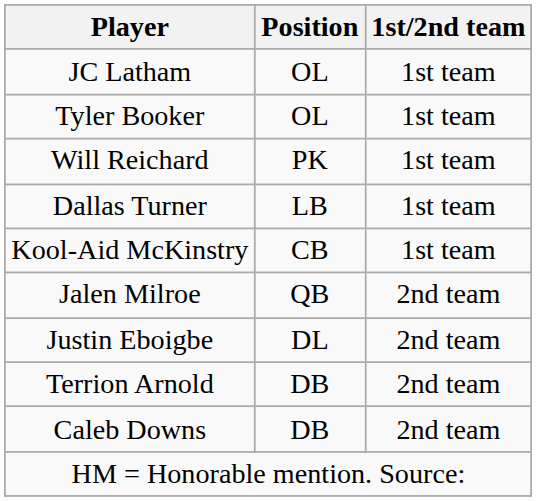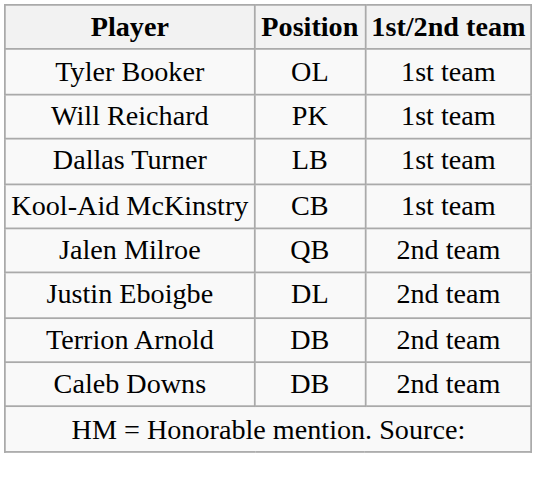 <table class="wikitable" style="text-align: center">
 <tr align=center>
 <th>Player</th>
 <th>Position</th>
 <th>1st/2nd team</th>
-</tr>
-<tr>
-<td>JC Latham</td>
-<td>OL</td>
-<td>1st team</td>
 </tr>
 <tr>
 <td>Tyler Booker</td>
 <td>OL</td>
 <td>1st team</td>
 </tr>
 <tr>
 <td>Will Reichard</td>
 <td>PK</td>
 <td>1st team</td>
 </tr>
 <tr>
 <td>Dallas Turner</td>
 <td>LB</td>
 <td>1st team</td>
 </tr>
 <tr>
 <td>Kool-Aid McKinstry</td>
 <td>CB</td>
 <td>1st team</td>
 </tr>
 <tr>
 <td>Jalen Milroe</td>
 <td>QB</td>
 <td>2nd team</td>
 </tr>
 <tr>
 <td>Justin Eboigbe</td>
 <td>DL</td>
 <td>2nd team</td>
 </tr>
 <tr>
 <td>Terrion Arnold</td>
 <td>DB</td>
 <td>2nd team</td>
 </tr>
 <tr>
 <td>Caleb Downs</td>
 <td>DB</td>
 <td>2nd team</td>
 </tr>
 <tr>
 <td colspan="3">HM = Honorable mention. Source:</td>
 </tr>
 </table>
